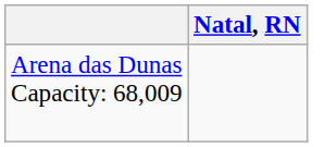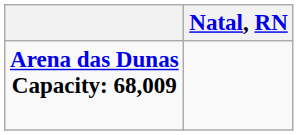 <table class="wikitable" style="text-align:center">
 <tr>
 <th></th>
 <th><a href='#'>Natal</a>, <a href='#'>RN</a></th>
 </tr>
 <tr>
-<td><a href='#'>Arena das Dunas</a><br>Capacity: 68,009<br><br></td>
+<td><strong><a href='#'>Arena das Dunas</a><br>Capacity: 68,009<br><br></strong></td>
 </tr>
 </table>
